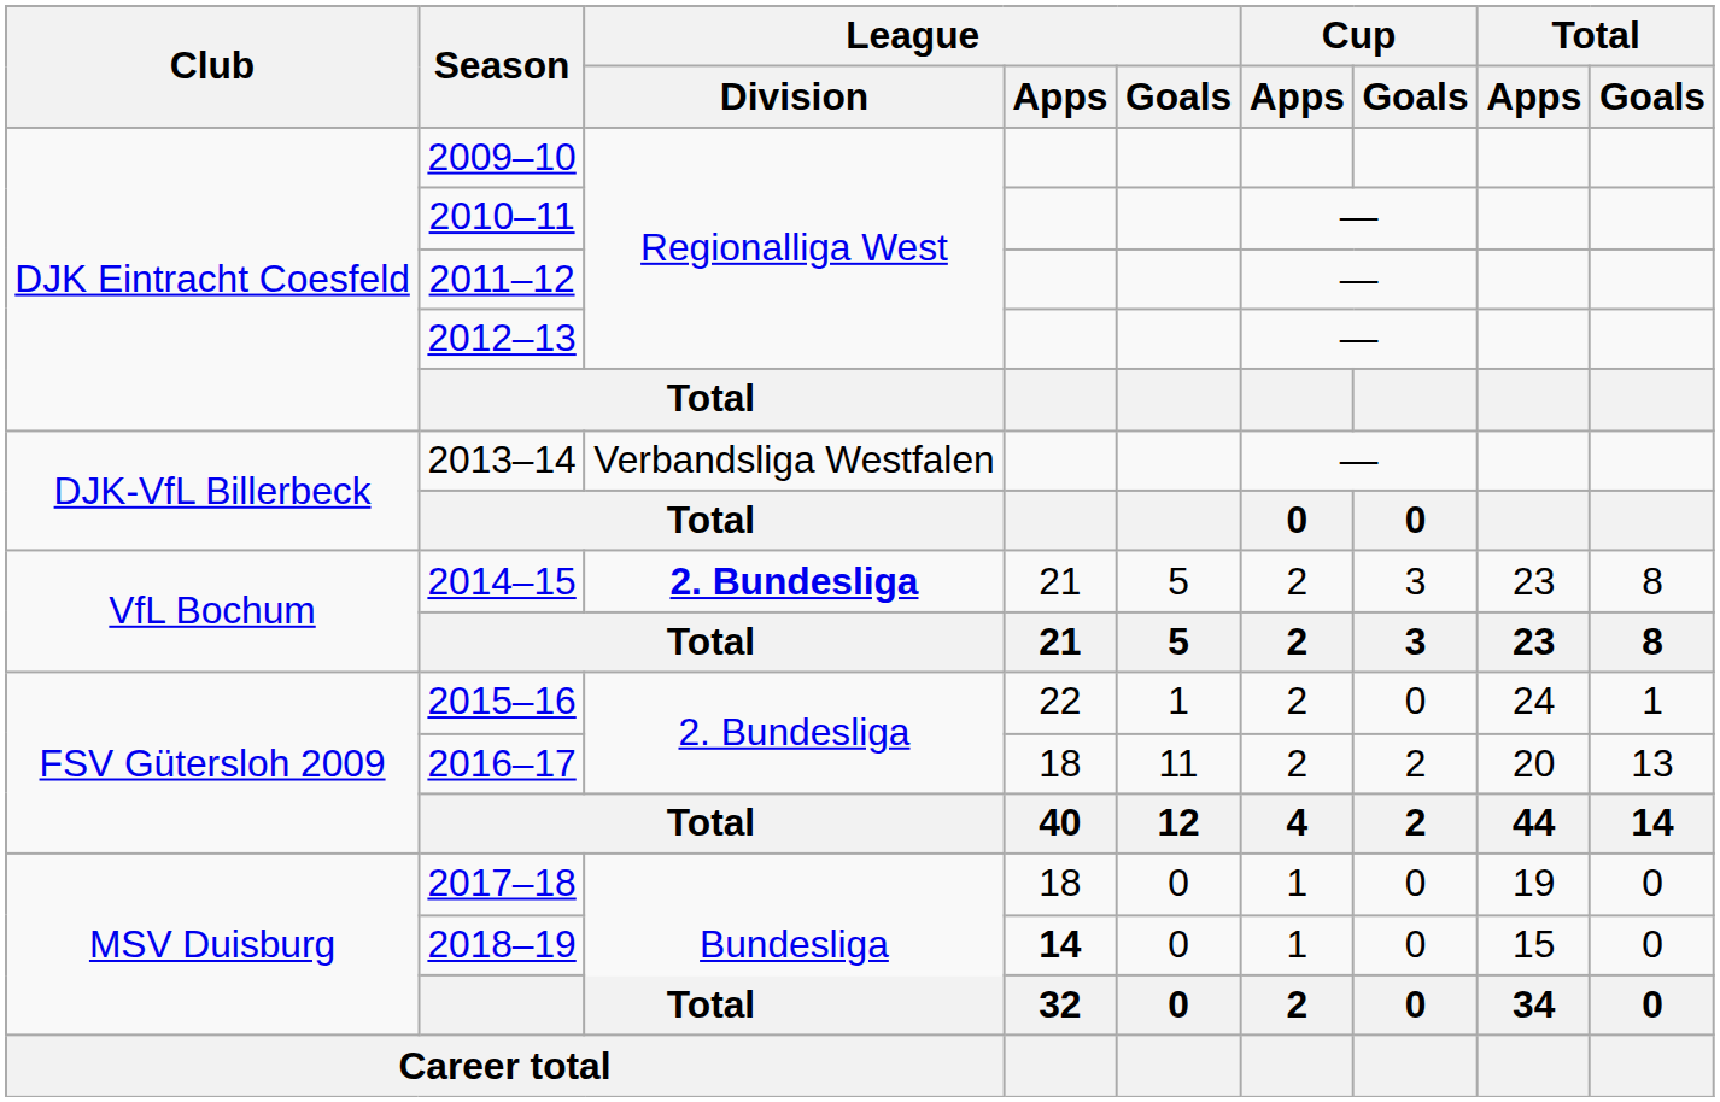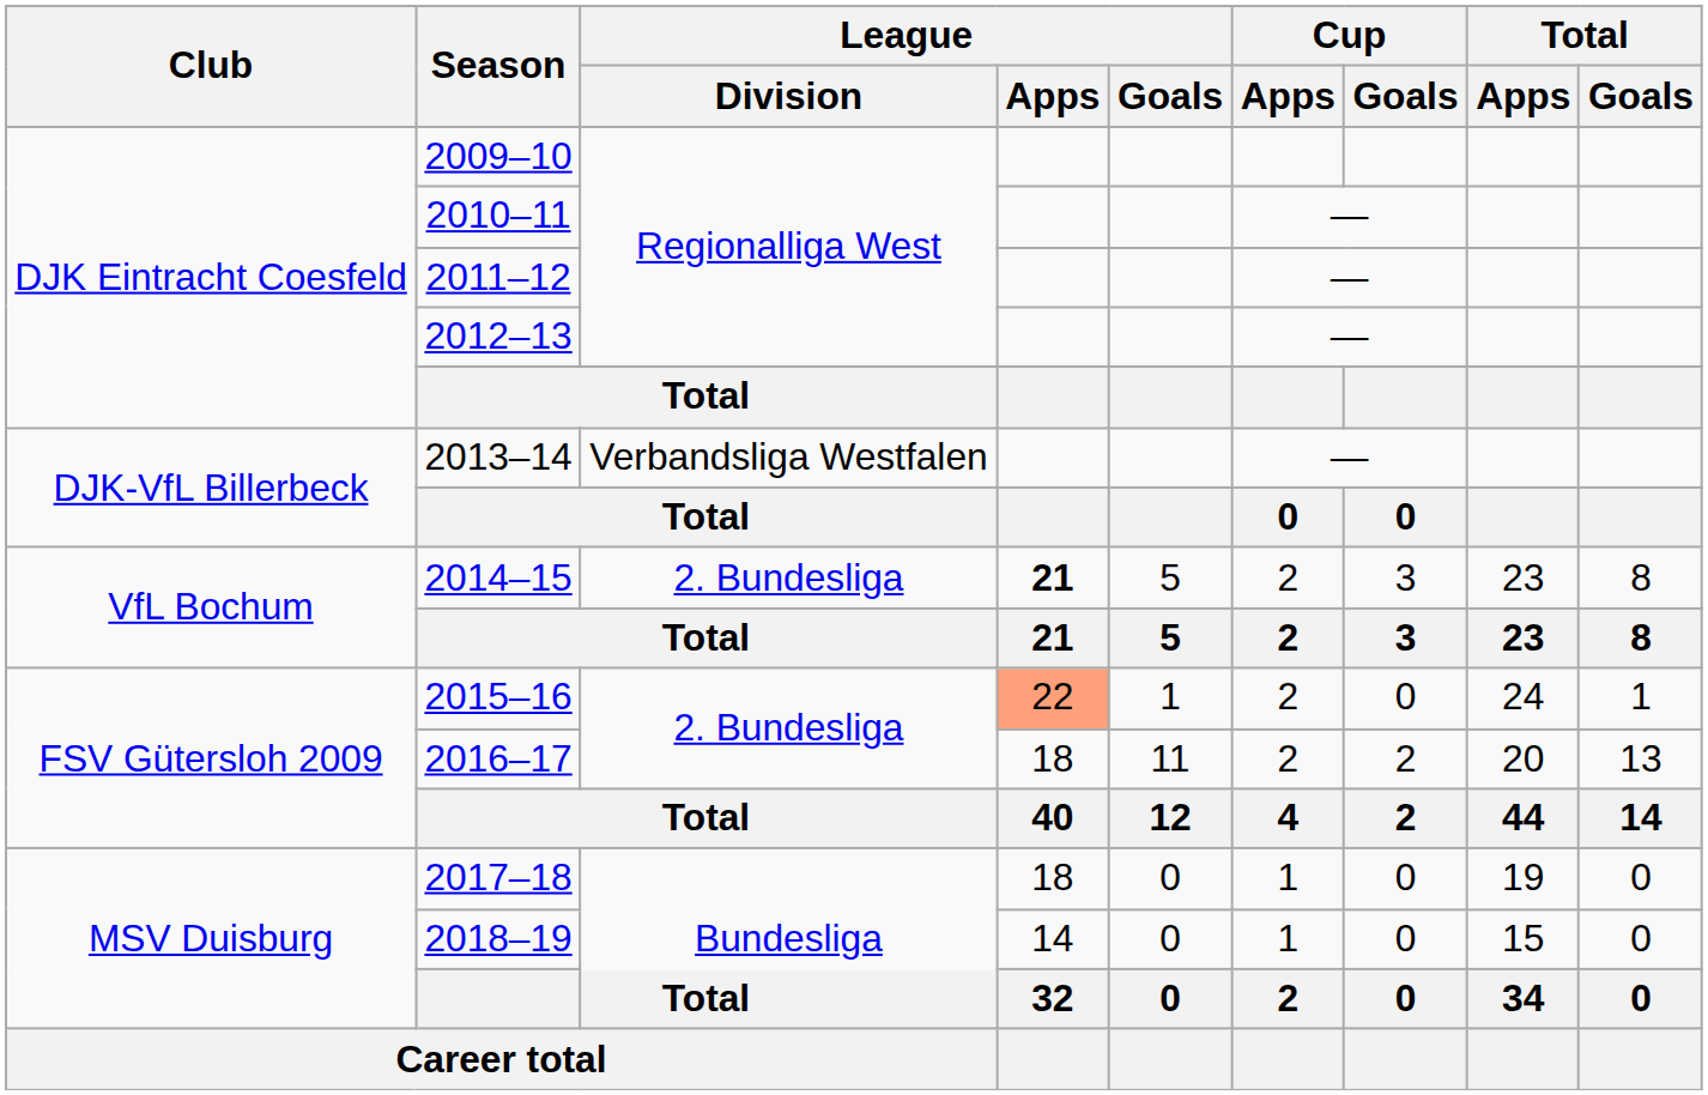 <table class="wikitable" style="text-align:center">
 <tr>
 <th rowspan="2">Club</th>
 <th rowspan="2">Season</th>
 <th colspan="3">League</th>
 <th colspan="2">Cup</th>
 <th colspan="2">Total</th>
 </tr>
 <tr>
 <th>Division</th>
 <th>Apps</th>
 <th>Goals</th>
 <th>Apps</th>
 <th>Goals</th>
 <th>Apps</th>
 <th>Goals</th>
 </tr>
 <tr>
 <td rowspan="5"><a href='#'>DJK Eintracht Coesfeld</a></td>
 <td><a href='#'>2009–10</a></td>
 <td rowspan="4"><a href='#'>Regionalliga West</a></td>
 <td></td>
 <td></td>
 <td></td>
 <td></td>
 <td></td>
 <td></td>
 </tr>
 <tr>
 <td><a href='#'>2010–11</a></td>
 <td></td>
 <td></td>
 <td colspan="2">—</td>
 <td></td>
 <td></td>
 </tr>
 <tr>
 <td><a href='#'>2011–12</a></td>
 <td></td>
 <td></td>
 <td colspan="2">—</td>
 <td></td>
 <td></td>
 </tr>
 <tr>
 <td><a href='#'>2012–13</a></td>
 <td></td>
 <td></td>
 <td colspan="2">—</td>
 <td></td>
 <td></td>
 </tr>
 <tr>
 <th colspan=2>Total</th>
 <th></th>
 <th></th>
 <th></th>
 <th></th>
 <th></th>
 <th></th>
 </tr>
 <tr>
 <td rowspan="2"><a href='#'>DJK-VfL Billerbeck</a></td>
 <td>2013–14</td>
 <td>Verbandsliga Westfalen</td>
 <td></td>
 <td></td>
 <td colspan="2">—</td>
 <td></td>
 <td></td>
 </tr>
 <tr>
 <th colspan=2>Total</th>
 <th></th>
 <th></th>
 <th>0</th>
 <th>0</th>
 <th></th>
 <th></th>
 </tr>
 <tr>
 <td rowspan="2"><a href='#'>VfL Bochum</a></td>
 <td><a href='#'>2014–15</a></td>
-<td><strong><a href='#'>2. Bundesliga</a></strong></td>
-<td>21</td>
+<td><a href='#'>2. Bundesliga</a></td>
+<td><strong>21</strong></td>
 <td>5</td>
 <td>2</td>
 <td>3</td>
 <td>23</td>
 <td>8</td>
 </tr>
 <tr>
 <th colspan=2>Total</th>
 <th>21</th>
 <th>5</th>
 <th>2</th>
 <th>3</th>
 <th>23</th>
 <th>8</th>
 </tr>
 <tr>
 <td rowspan="3"><a href='#'>FSV Gütersloh 2009</a></td>
 <td><a href='#'>2015–16</a></td>
 <td rowspan="2"><a href='#'>2. Bundesliga</a></td>
-<td>22</td>
+<td style="background: lightsalmon;">22</td>
 <td>1</td>
 <td>2</td>
 <td>0</td>
 <td>24</td>
 <td>1</td>
 </tr>
 <tr>
 <td><a href='#'>2016–17</a></td>
 <td>18</td>
 <td>11</td>
 <td>2</td>
 <td>2</td>
 <td>20</td>
 <td>13</td>
 </tr>
 <tr>
 <th colspan=2>Total</th>
 <th>40</th>
 <th>12</th>
 <th>4</th>
 <th>2</th>
 <th>44</th>
 <th>14</th>
 </tr>
 <tr>
 <td rowspan="3"><a href='#'>MSV Duisburg</a></td>
 <td><a href='#'>2017–18</a></td>
 <td rowspan="3"><a href='#'>Bundesliga</a></td>
 <td>18</td>
 <td>0</td>
 <td>1</td>
 <td>0</td>
 <td>19</td>
 <td>0</td>
 </tr>
 <tr>
 <td><a href='#'>2018–19</a></td>
-<td><strong>14</strong></td>
+<td>14</td>
 <td>0</td>
 <td>1</td>
 <td>0</td>
 <td>15</td>
 <td>0</td>
 </tr>
 <tr>
 <th colspan=2>Total</th>
 <th>32</th>
 <th>0</th>
 <th>2</th>
 <th>0</th>
 <th>34</th>
 <th>0</th>
 </tr>
 <tr>
 <th colspan=3>Career total</th>
 <th></th>
 <th></th>
 <th></th>
 <th></th>
 <th></th>
 <th></th>
 </tr>
 </table>
